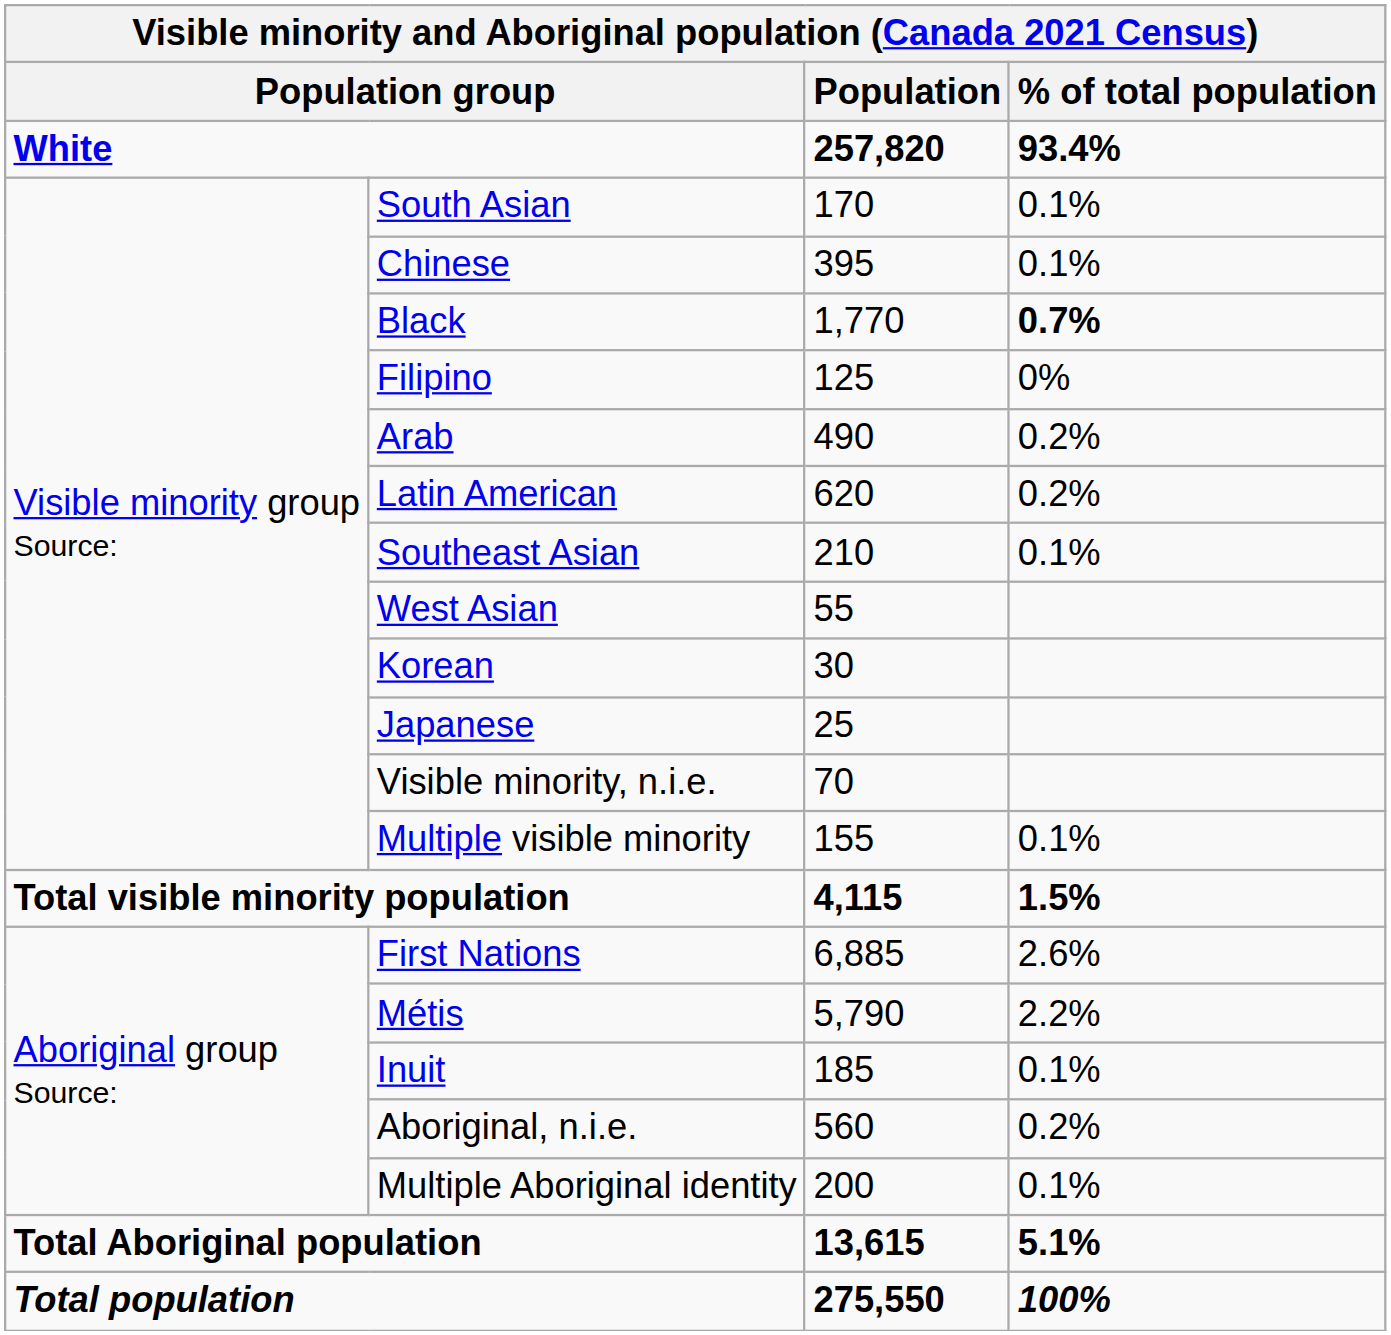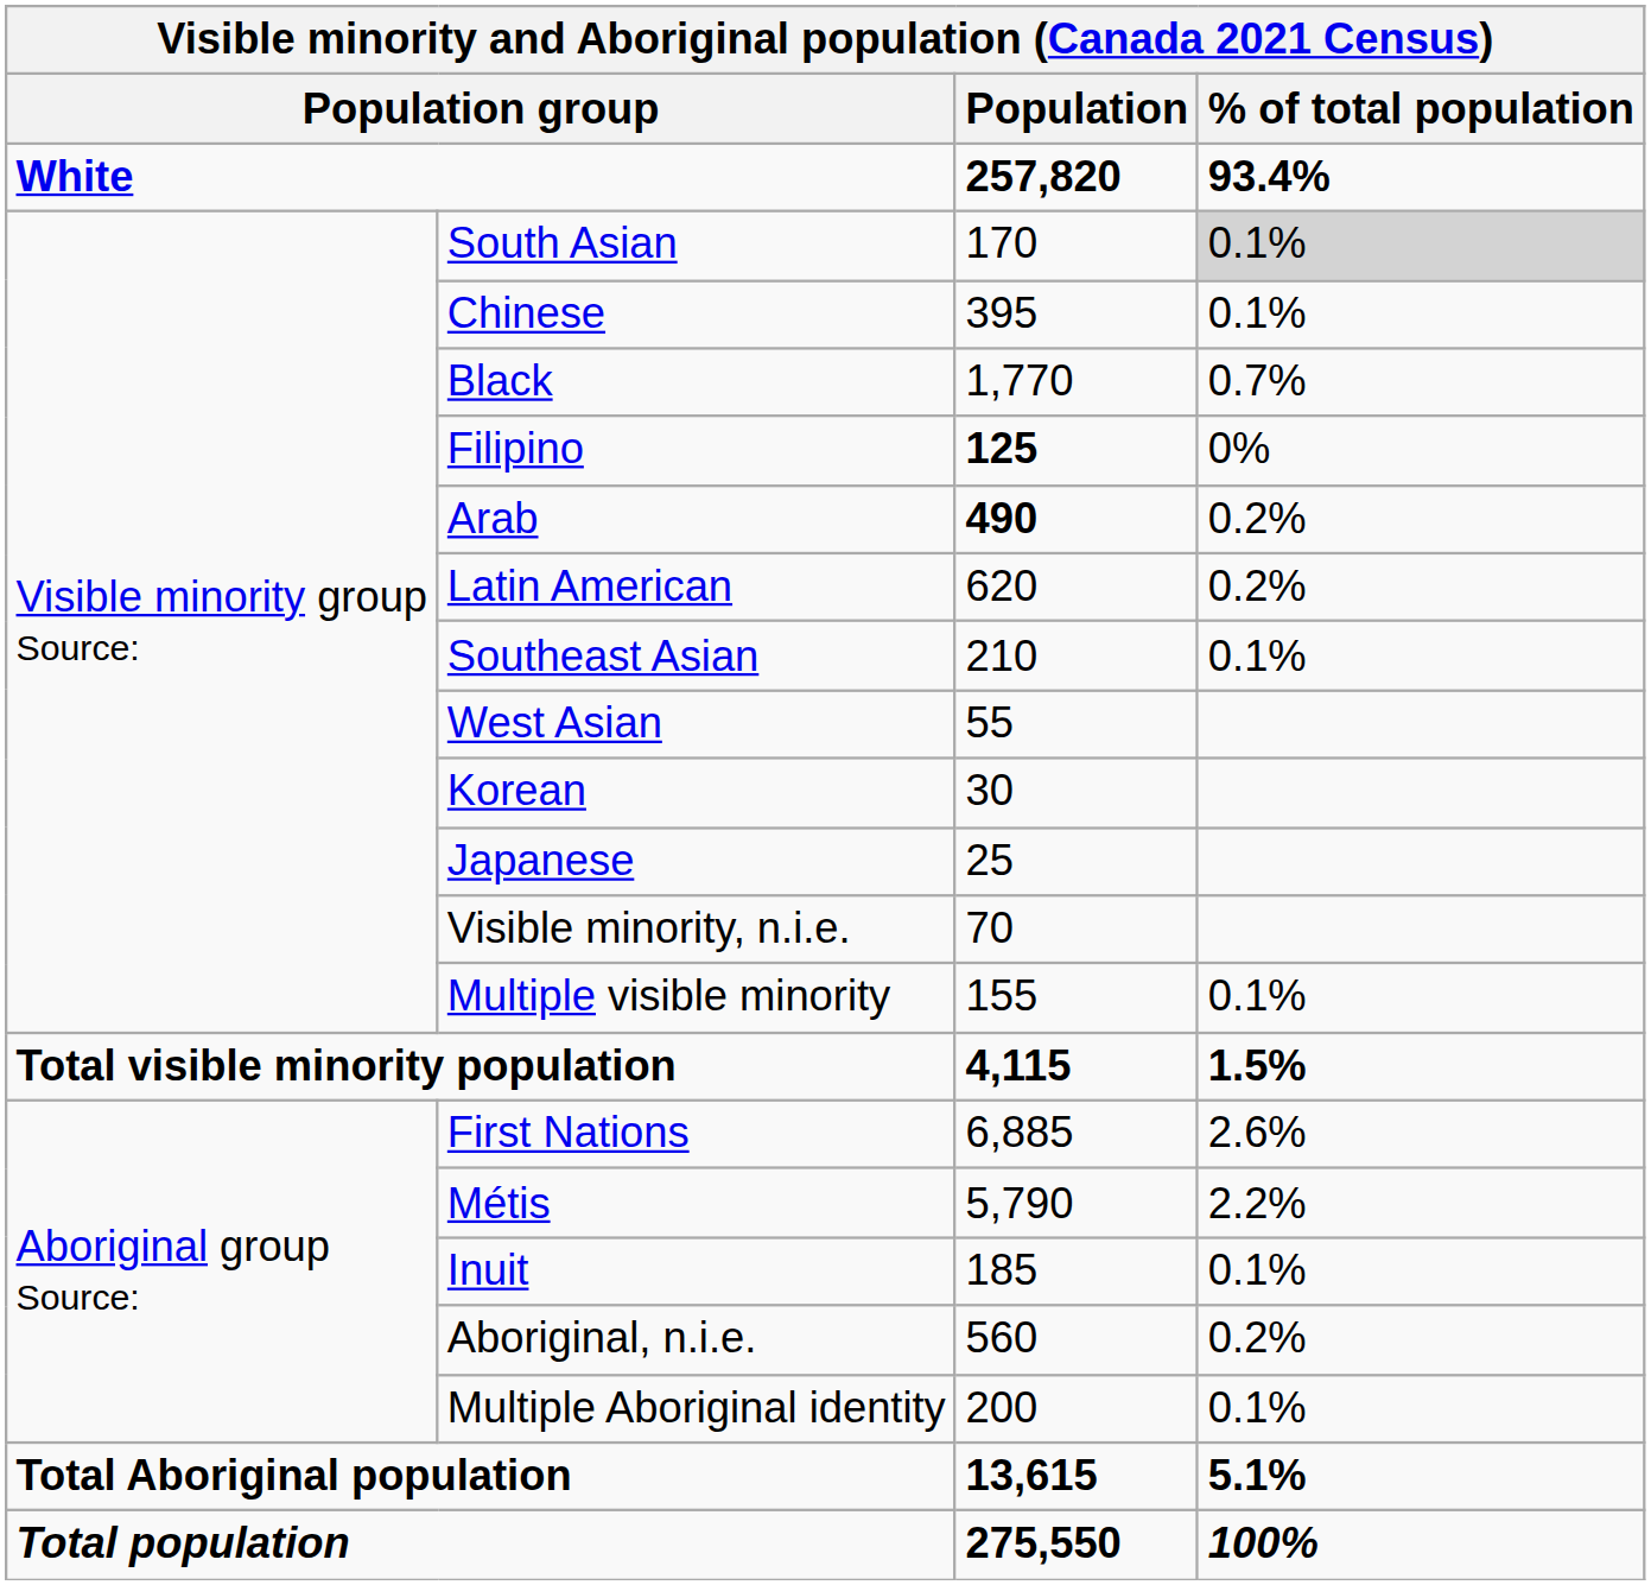 <table class="wikitable">
 <tr>
 <th colspan="4">Visible minority and Aboriginal population (<a href='#'>Canada 2021 Census</a>)</th>
 </tr>
 <tr>
 <th colspan="2">Population group</th>
 <th>Population</th>
 <th>% of total population</th>
 </tr>
 <tr>
 <td colspan="2"><strong><a href='#'>White</a></strong></td>
 <td><strong>257,820</strong></td>
 <td><strong>93.4%</strong></td>
 </tr>
 <tr>
 <td rowspan="12"><a href='#'>Visible minority</a> group<br><small>Source:</small></td>
 <td><a href='#'>South Asian</a></td>
 <td>170</td>
-<td>0.1%</td>
+<td style="background: lightgrey;">0.1%</td>
 </tr>
 <tr>
 <td><a href='#'>Chinese</a></td>
 <td>395</td>
 <td>0.1%</td>
 </tr>
 <tr>
 <td><a href='#'>Black</a></td>
 <td>1,770</td>
-<td><strong>0.7%</strong></td>
+<td>0.7%</td>
 </tr>
 <tr>
 <td><a href='#'>Filipino</a></td>
-<td>125</td>
+<td><strong>125</strong></td>
 <td>0%</td>
 </tr>
 <tr>
 <td><a href='#'>Arab</a></td>
-<td>490</td>
+<td><strong>490</strong></td>
 <td>0.2%</td>
 </tr>
 <tr>
 <td><a href='#'>Latin American</a></td>
 <td>620</td>
 <td>0.2%</td>
 </tr>
 <tr>
 <td><a href='#'>Southeast Asian</a></td>
 <td>210</td>
 <td>0.1%</td>
 </tr>
 <tr>
 <td><a href='#'>West Asian</a></td>
 <td>55</td>
 <td></td>
 </tr>
 <tr>
 <td><a href='#'>Korean</a></td>
 <td>30</td>
 <td></td>
 </tr>
 <tr>
 <td><a href='#'>Japanese</a></td>
 <td>25</td>
 <td></td>
 </tr>
 <tr>
 <td>Visible minority, n.i.e.</td>
 <td>70</td>
 <td></td>
 </tr>
 <tr>
 <td><a href='#'>Multiple</a> visible minority</td>
 <td>155</td>
 <td>0.1%</td>
 </tr>
 <tr>
 <td colspan="2"><strong>Total visible minority population</strong></td>
 <td><strong>4,115</strong></td>
 <td><strong>1.5%</strong></td>
 </tr>
 <tr>
 <td rowspan="5"><a href='#'>Aboriginal</a> group<br><small>Source:</small></td>
 <td><a href='#'>First Nations</a></td>
 <td>6,885</td>
 <td>2.6%</td>
 </tr>
 <tr>
 <td><a href='#'>Métis</a></td>
 <td>5,790</td>
 <td>2.2%</td>
 </tr>
 <tr>
 <td><a href='#'>Inuit</a></td>
 <td>185</td>
 <td>0.1%</td>
 </tr>
 <tr>
 <td>Aboriginal, n.i.e.</td>
 <td>560</td>
 <td>0.2%</td>
 </tr>
 <tr>
 <td>Multiple Aboriginal identity</td>
 <td>200</td>
 <td>0.1%</td>
 </tr>
 <tr>
 <td colspan="2"><strong>Total Aboriginal population</strong></td>
 <td><strong>13,615</strong></td>
 <td><strong>5.1%</strong></td>
 </tr>
 <tr>
 <td colspan="2"><strong><em>Total population</em></strong></td>
 <td><strong>275,550</strong></td>
 <td><strong><em>100%</em></strong></td>
 </tr>
 </table>
